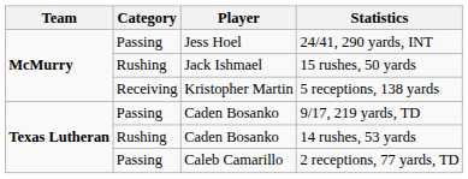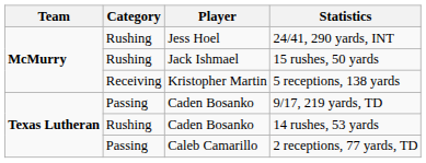 <table class="wikitable" style="float: left;">
 <tr>
 <th>Team</th>
 <th>Category</th>
 <th>Player</th>
 <th>Statistics</th>
 </tr>
 <tr>
 <td rowspan=3><strong>McMurry</strong></td>
-<td>Passing</td>
+<td>Rushing</td>
 <td>Jess Hoel</td>
 <td>24/41, 290 yards, INT</td>
 </tr>
 <tr>
 <td>Rushing</td>
 <td>Jack Ishmael</td>
 <td>15 rushes, 50 yards</td>
 </tr>
 <tr>
 <td>Receiving</td>
 <td>Kristopher Martin</td>
 <td>5 receptions, 138 yards</td>
 </tr>
 <tr>
 <td rowspan=3><strong>Texas Lutheran</strong></td>
 <td>Passing</td>
 <td>Caden Bosanko</td>
 <td>9/17, 219 yards, TD</td>
 </tr>
 <tr>
 <td>Rushing</td>
 <td>Caden Bosanko</td>
 <td>14 rushes, 53 yards</td>
 </tr>
 <tr>
 <td>Passing</td>
 <td>Caleb Camarillo</td>
 <td>2 receptions, 77 yards, TD</td>
 </tr>
 </table>
